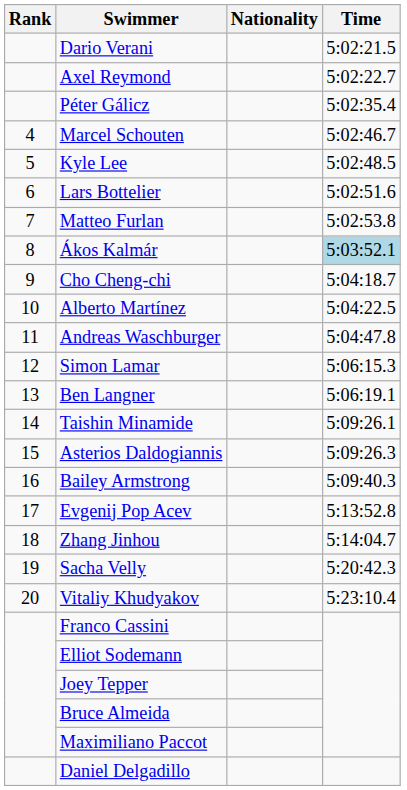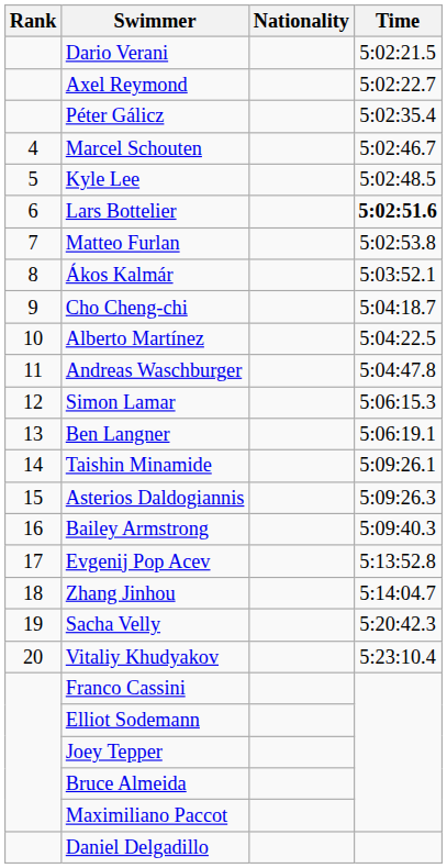 <table class="wikitable sortable" style="text-align:center">
 <tr>
 <th>Rank</th>
 <th>Swimmer</th>
 <th>Nationality</th>
 <th>Time</th>
 </tr>
 <tr>
 <td></td>
 <td align=left><a href='#'>Dario Verani</a></td>
 <td align=left></td>
 <td>5:02:21.5</td>
 </tr>
 <tr>
 <td></td>
 <td align=left><a href='#'>Axel Reymond</a></td>
 <td align=left></td>
 <td>5:02:22.7</td>
 </tr>
 <tr>
 <td></td>
 <td align=left><a href='#'>Péter Gálicz</a></td>
 <td align=left></td>
 <td>5:02:35.4</td>
 </tr>
 <tr>
 <td>4</td>
 <td align=left><a href='#'>Marcel Schouten</a></td>
 <td align=left></td>
 <td>5:02:46.7</td>
 </tr>
 <tr>
 <td>5</td>
 <td align=left><a href='#'>Kyle Lee</a></td>
 <td align=left></td>
 <td>5:02:48.5</td>
 </tr>
 <tr>
 <td>6</td>
 <td align=left><a href='#'>Lars Bottelier</a></td>
 <td align=left></td>
-<td>5:02:51.6</td>
+<td><strong>5:02:51.6</strong></td>
 </tr>
 <tr>
 <td>7</td>
 <td align=left><a href='#'>Matteo Furlan</a></td>
 <td align=left></td>
 <td>5:02:53.8</td>
 </tr>
 <tr>
 <td>8</td>
 <td align=left><a href='#'>Ákos Kalmár</a></td>
 <td align=left></td>
-<td style="background: lightblue;">5:03:52.1</td>
+<td>5:03:52.1</td>
 </tr>
 <tr>
 <td>9</td>
 <td align=left><a href='#'>Cho Cheng-chi</a></td>
 <td align=left></td>
 <td>5:04:18.7</td>
 </tr>
 <tr>
 <td>10</td>
 <td align=left><a href='#'>Alberto Martínez</a></td>
 <td align=left></td>
 <td>5:04:22.5</td>
 </tr>
 <tr>
 <td>11</td>
 <td align=left><a href='#'>Andreas Waschburger</a></td>
 <td align=left></td>
 <td>5:04:47.8</td>
 </tr>
 <tr>
 <td>12</td>
 <td align=left><a href='#'>Simon Lamar</a></td>
 <td align=left></td>
 <td>5:06:15.3</td>
 </tr>
 <tr>
 <td>13</td>
 <td align=left><a href='#'>Ben Langner</a></td>
 <td align=left></td>
 <td>5:06:19.1</td>
 </tr>
 <tr>
 <td>14</td>
 <td align=left><a href='#'>Taishin Minamide</a></td>
 <td align=left></td>
 <td>5:09:26.1</td>
 </tr>
 <tr>
 <td>15</td>
 <td align=left><a href='#'>Asterios Daldogiannis</a></td>
 <td align=left></td>
 <td>5:09:26.3</td>
 </tr>
 <tr>
 <td>16</td>
 <td align=left><a href='#'>Bailey Armstrong</a></td>
 <td align=left></td>
 <td>5:09:40.3</td>
 </tr>
 <tr>
 <td>17</td>
 <td align=left><a href='#'>Evgenij Pop Acev</a></td>
 <td align=left></td>
 <td>5:13:52.8</td>
 </tr>
 <tr>
 <td>18</td>
 <td align=left><a href='#'>Zhang Jinhou</a></td>
 <td align=left></td>
 <td>5:14:04.7</td>
 </tr>
 <tr>
 <td>19</td>
 <td align=left><a href='#'>Sacha Velly</a></td>
 <td align=left></td>
 <td>5:20:42.3</td>
 </tr>
 <tr>
 <td>20</td>
 <td align=left><a href='#'>Vitaliy Khudyakov</a></td>
 <td align=left></td>
 <td>5:23:10.4</td>
 </tr>
 <tr>
 <td rowspan=5></td>
 <td align=left><a href='#'>Franco Cassini</a></td>
 <td align=left></td>
 <td rowspan=5></td>
 </tr>
 <tr>
 <td align=left><a href='#'>Elliot Sodemann</a></td>
 <td align=left></td>
 </tr>
 <tr>
 <td align=left><a href='#'>Joey Tepper</a></td>
 <td align=left></td>
 </tr>
 <tr>
 <td align=left><a href='#'>Bruce Almeida</a></td>
 <td align=left></td>
 </tr>
 <tr>
 <td align=left><a href='#'>Maximiliano Paccot</a></td>
 <td align=left></td>
 </tr>
 <tr>
 <td></td>
 <td align=left><a href='#'>Daniel Delgadillo</a></td>
 <td align=left></td>
 <td></td>
 </tr>
 </table>
